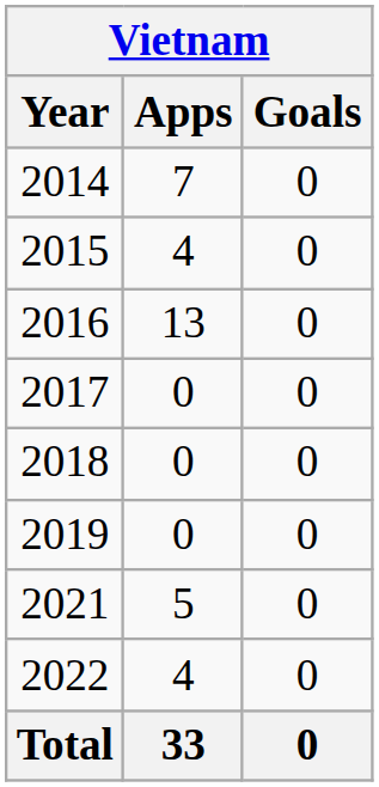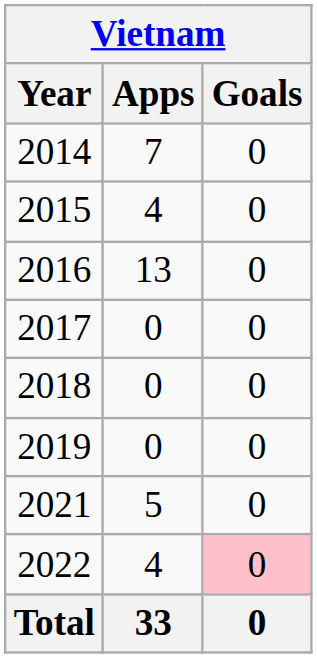 <table class="wikitable" style="text-align:center">
 <tr>
 <th colspan=3><a href='#'>Vietnam</a></th>
 </tr>
 <tr>
 <th>Year</th>
 <th>Apps</th>
 <th>Goals</th>
 </tr>
 <tr>
 <td>2014</td>
 <td>7</td>
 <td>0</td>
 </tr>
 <tr>
 <td>2015</td>
 <td>4</td>
 <td>0</td>
 </tr>
 <tr>
 <td>2016</td>
 <td>13</td>
 <td>0</td>
 </tr>
 <tr>
 <td>2017</td>
 <td>0</td>
 <td>0</td>
 </tr>
 <tr>
 <td>2018</td>
 <td>0</td>
 <td>0</td>
 </tr>
 <tr>
 <td>2019</td>
 <td>0</td>
 <td>0</td>
 </tr>
 <tr>
 <td>2021</td>
 <td>5</td>
 <td>0</td>
 </tr>
 <tr>
 <td>2022</td>
 <td>4</td>
-<td>0</td>
+<td style="background: pink;">0</td>
 </tr>
 <tr>
 <th>Total</th>
 <th>33</th>
 <th>0</th>
 </tr>
 </table>
